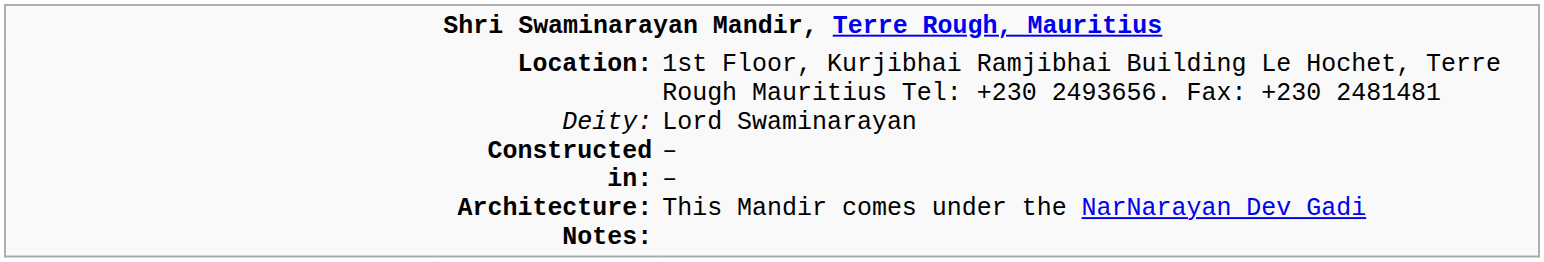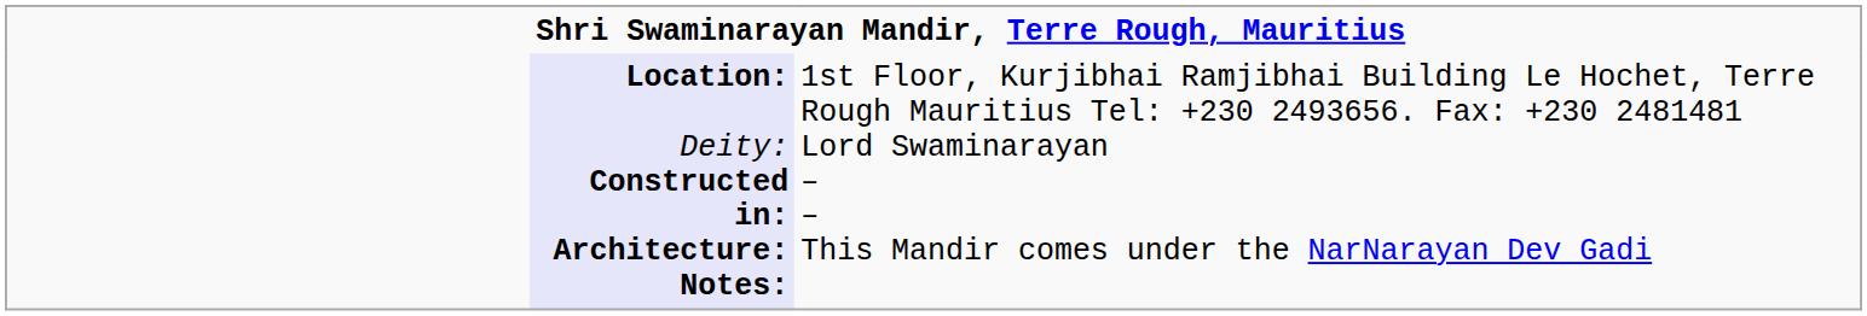 <table class="wikitable plain" border="0" width="800">
 <tr>
 <td width="220px" rowspan="2" style="border:none;"></td>
 <td valign="top" colspan=2 style="border:none;"><strong>Shri Swaminarayan Mandir, <a href='#'>Terre Rough, Mauritius</a></strong></td>
 </tr>
 <tr>
-<td valign="top" style="text-align:right; border:none;"><strong>Location:</strong><br><br><em>Deity:</em><br><strong>Constructed in:</strong><br><strong>Architecture:</strong><br><strong>Notes:</strong></td>
+<td valign="top" style="background: lavender; text-align:right; border:none;"><strong>Location:</strong><br><br><em>Deity:</em><br><strong>Constructed in:</strong><br><strong>Architecture:</strong><br><strong>Notes:</strong></td>
 <td valign="top" style="border:none;">1st Floor, Kurjibhai Ramjibhai Building Le Hochet, Terre Rough Mauritius Tel: +230 2493656. Fax: +230 2481481<br>Lord Swaminarayan <br>– <br>– <br>This Mandir comes under the <a href='#'>NarNarayan Dev Gadi</a></td>
 </tr>
 </table>
